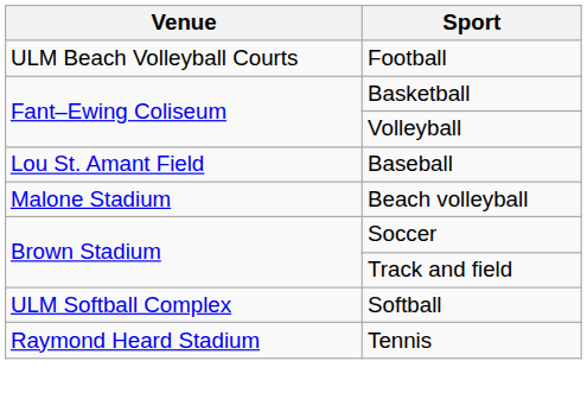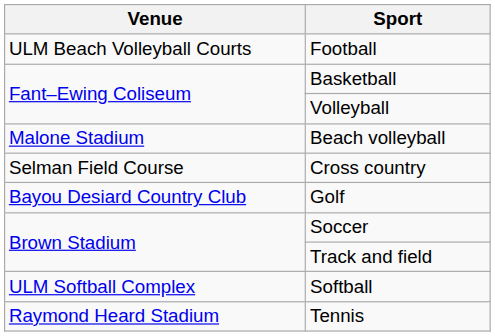 <table class="wikitable"; style= "text-align: ">
 <tr>
 <th width=250px>Venue</th>
 <th width=150px>Sport</th>
 </tr>
 <tr>
 <td>ULM Beach Volleyball Courts</td>
 <td>Football</td>
 </tr>
 <tr>
 <td rowspan=2><a href='#'>Fant–Ewing Coliseum</a></td>
 <td>Basketball</td>
 </tr>
 <tr>
 <td>Volleyball</td>
 </tr>
 <tr>
-<td><a href='#'>Lou St. Amant Field</a></td>
-<td>Baseball</td>
+<td><a href='#'>Malone Stadium</a></td>
+<td>Beach volleyball</td>
 </tr>
 <tr>
-<td><a href='#'>Malone Stadium</a></td>
-<td>Beach volleyball</td>
+<td>Selman Field  Course</td>
+<td>Cross country</td>
+</tr>
+<tr>
+<td><a href='#'>Bayou Desiard Country Club</a> </td>
+<td>Golf</td>
 </tr>
 <tr>
 <td rowspan=2><a href='#'>Brown Stadium</a></td>
 <td>Soccer</td>
 </tr>
 <tr>
 <td>Track and field</td>
 </tr>
 <tr>
 <td><a href='#'>ULM Softball Complex</a></td>
 <td>Softball</td>
 </tr>
 <tr>
 <td><a href='#'>Raymond Heard Stadium</a></td>
 <td>Tennis</td>
 </tr>
 </table>
